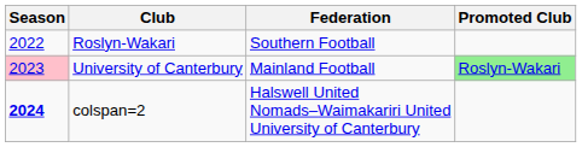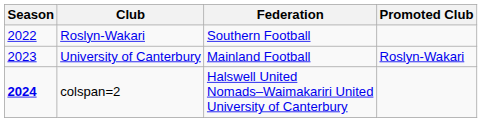 <table class="wikitable sortable">
 <tr>
 <th>Season</th>
 <th>Club</th>
 <th>Federation</th>
 <th>Promoted Club</th>
 </tr>
 <tr>
 <td><a href='#'>2022</a></td>
 <td><a href='#'>Roslyn-Wakari</a></td>
 <td><a href='#'>Southern Football</a></td>
 <td></td>
 </tr>
 <tr>
-<td style="background: pink;"><a href='#'>2023</a></td>
+<td><a href='#'>2023</a></td>
 <td><a href='#'>University of Canterbury</a></td>
 <td><a href='#'>Mainland Football</a></td>
-<td style="background: lightgreen;"><a href='#'>Roslyn-Wakari</a></td>
+<td><a href='#'>Roslyn-Wakari</a></td>
 </tr>
 <tr>
 <td><strong><a href='#'>2024</a></strong></td>
 <td>colspan=2 </td>
 <td><a href='#'>Halswell United</a><br><a href='#'>Nomads–</a><a href='#'>Waimakariri United</a><br><a href='#'>University of Canterbury</a></td>
 </tr>
 </table>
